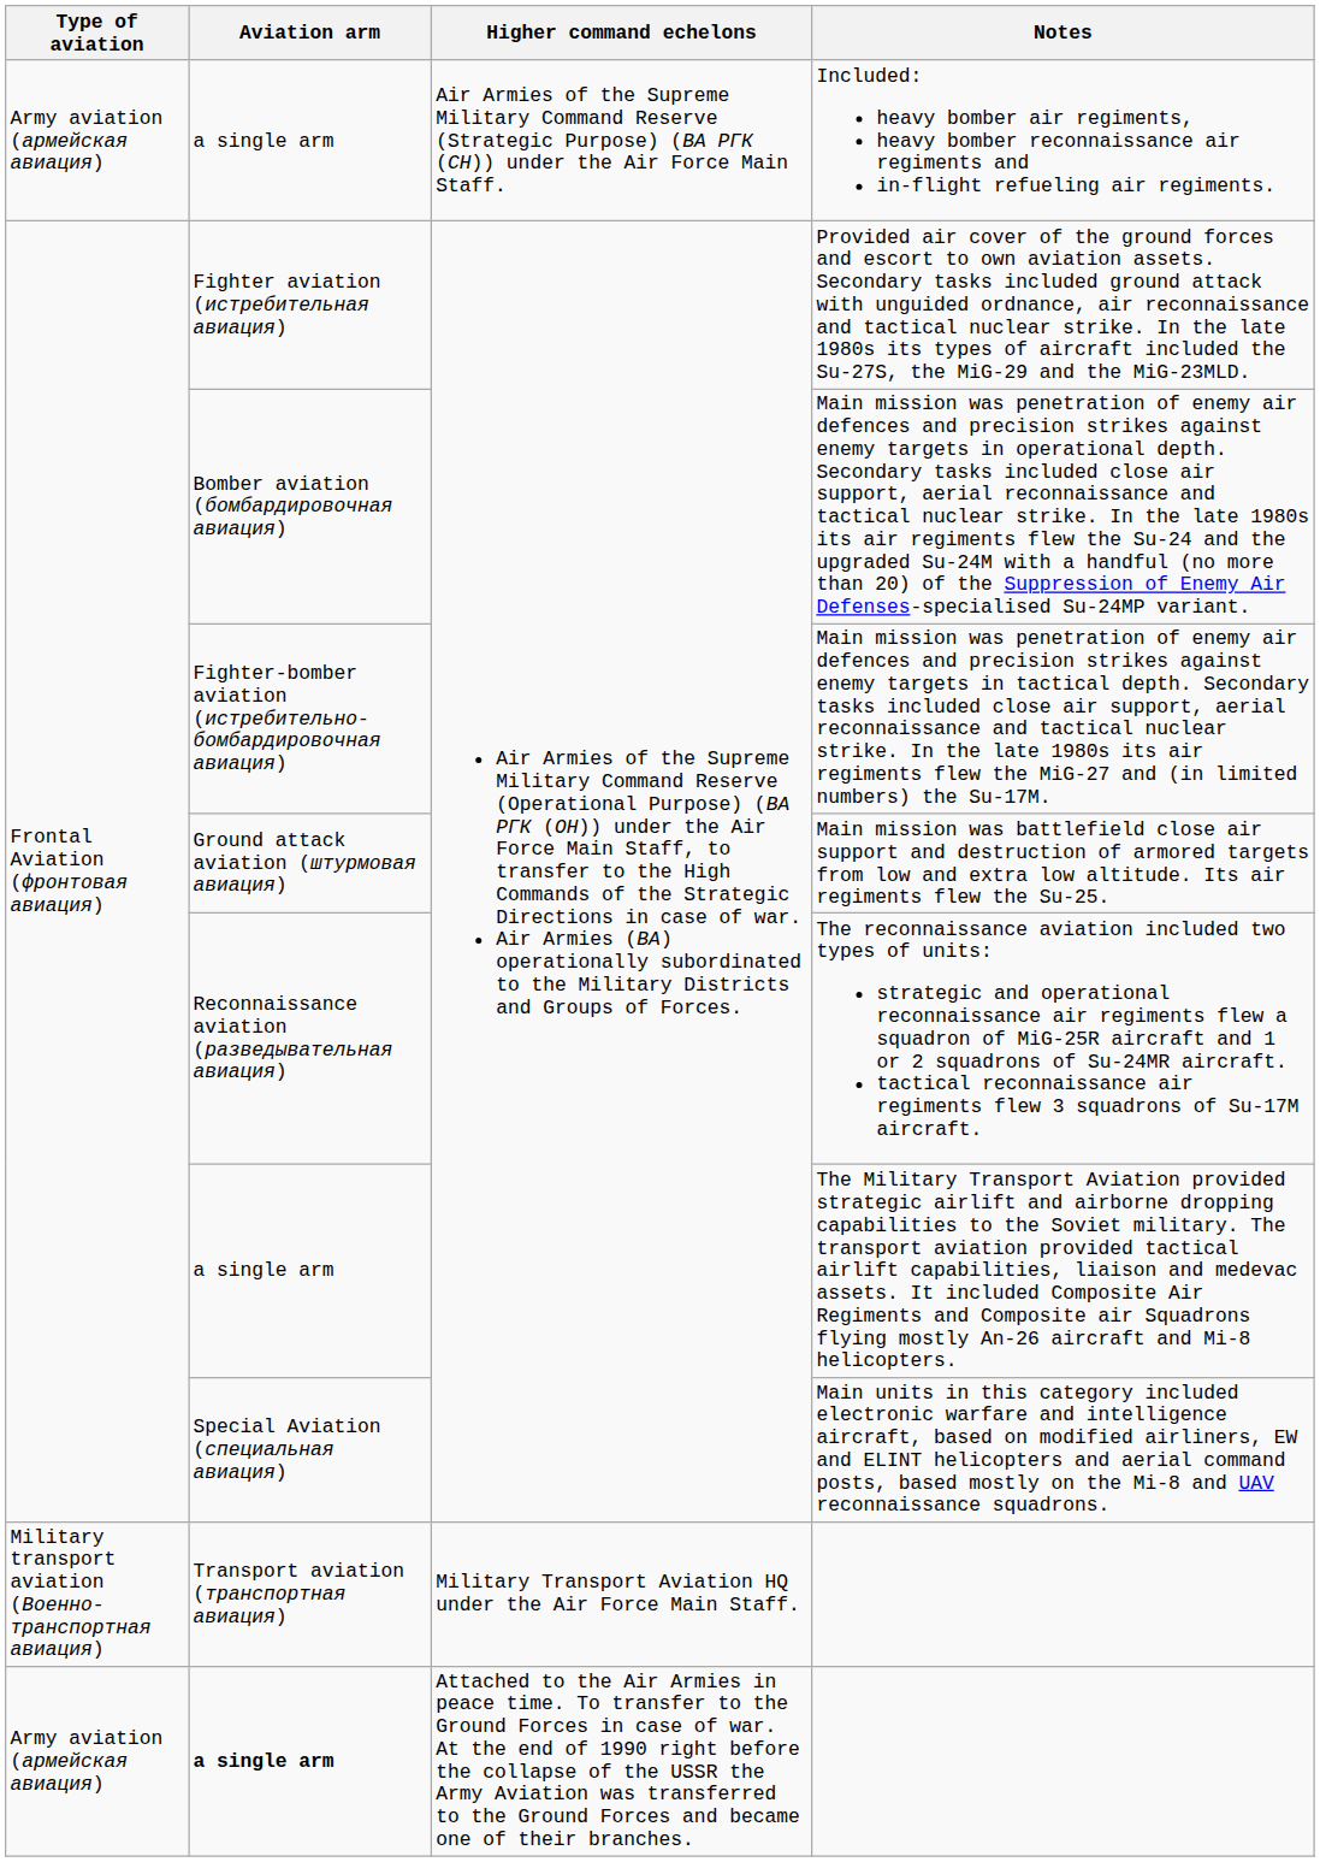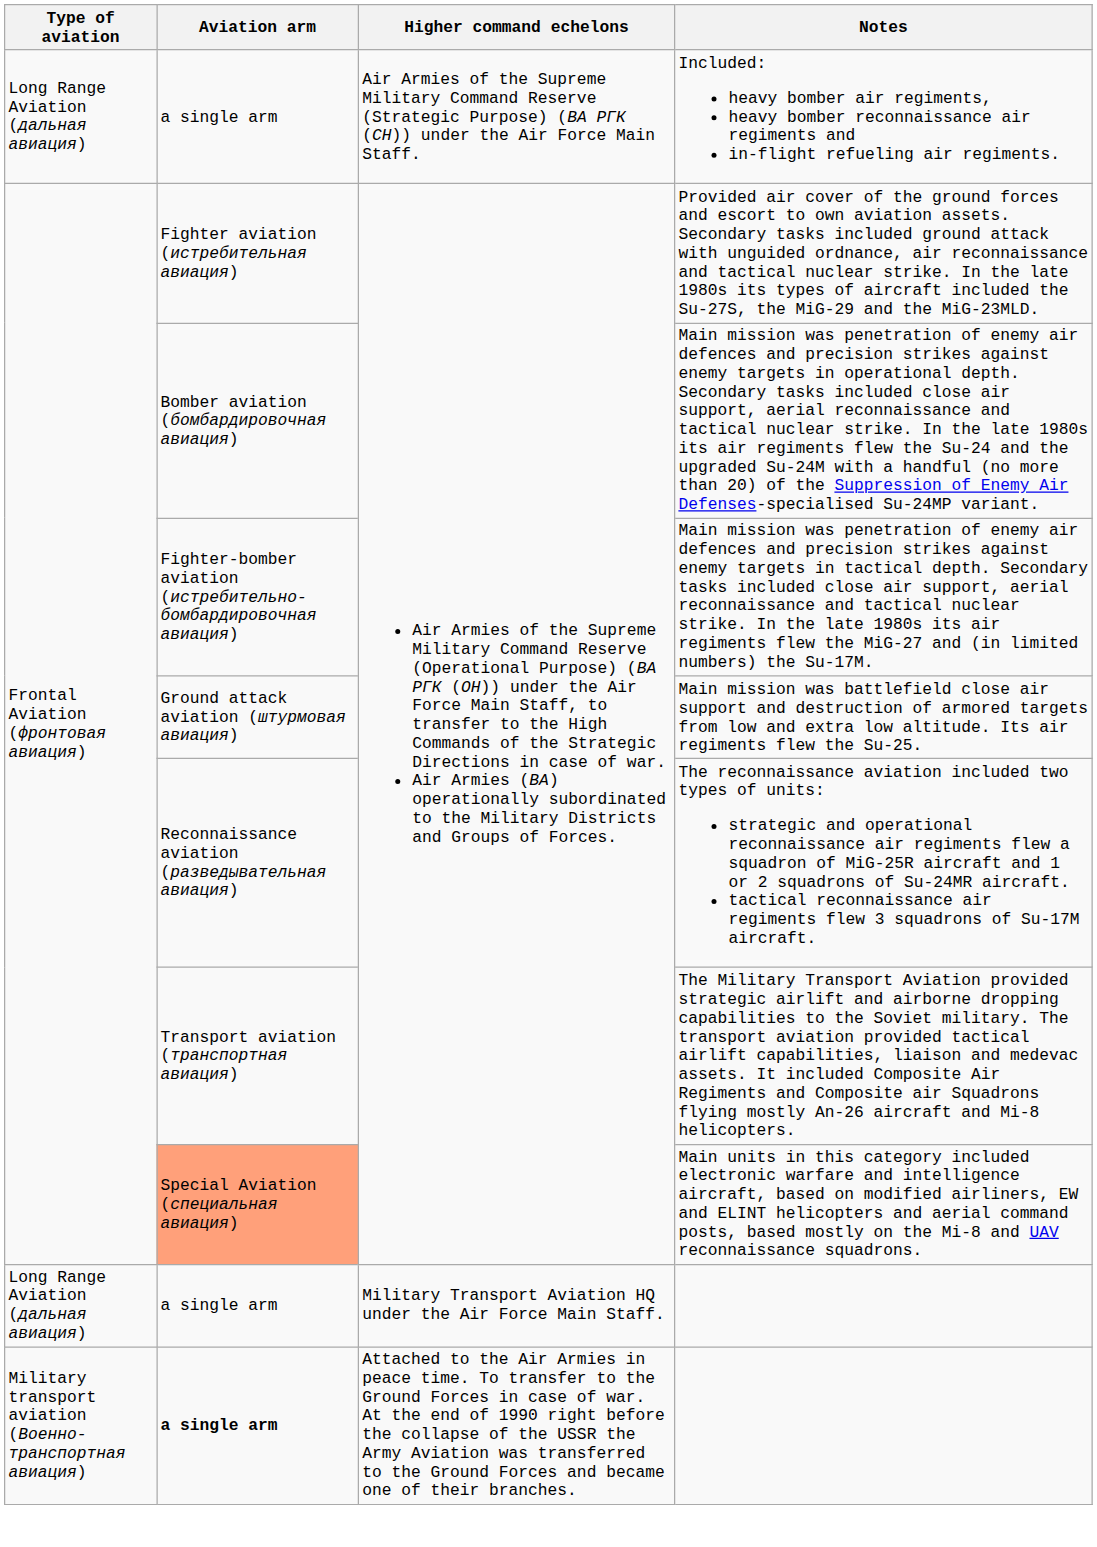 <table class="wikitable">
 <tr>
 <th>Type of aviation</th>
 <th>Aviation arm</th>
 <th>Higher command echelons</th>
 <th>Notes</th>
 </tr>
 <tr>
-<td>Army aviation (<em>армейская авиация</em>)</td>
+<td>Long Range Aviation (<em>дальная авиация</em>)</td>
 <td>a single arm</td>
 <td>Air Armies of the Supreme Military Command Reserve (Strategic Purpose) (<em>ВА РГК</em> (<em>СН</em>)) under the Air Force Main Staff.</td>
 <td>Included:<br><ul><li>heavy bomber air regiments,</li><li>heavy bomber reconnaissance air regiments and</li><li>in-flight refueling air regiments.</li></ul></td>
 </tr>
 <tr>
 <td rowspan="7">Frontal Aviation (<em>фронтовая авиация</em>)</td>
 <td>Fighter aviation (<em>истребительная авиация</em>)</td>
 <td rowspan="7"><br><ul><li>Air Armies of the Supreme Military Command Reserve (Operational Purpose) (<em>ВА РГК</em> (<em>ОН</em>)) under the Air Force Main Staff, to transfer to the High Commands of the Strategic Directions in case of war.</li><li>Air Armies (<em>ВА</em>) operationally subordinated to the Military Districts and Groups of Forces.</li></ul></td>
 <td>Provided air cover of the ground forces and escort to own aviation assets. Secondary tasks included ground attack with unguided ordnance, air reconnaissance and tactical nuclear strike. In the late 1980s its types of aircraft included the Su-27S, the MiG-29 and the MiG-23MLD.</td>
 </tr>
 <tr>
 <td>Bomber aviation (<em>бомбардировочная авиация</em>)</td>
 <td>Main mission was penetration of enemy air defences and precision strikes against enemy targets in operational depth. Secondary tasks included close air support, aerial reconnaissance and tactical nuclear strike. In the late 1980s its air regiments flew the Su-24 and the upgraded Su-24M with a handful (no more than 20) of the <a href='#'>Suppression of Enemy Air Defenses</a>-specialised Su-24MP variant.</td>
 </tr>
 <tr>
 <td>Fighter-bomber aviation (<em>истребительно-бомбардировочная авиация</em>)</td>
 <td>Main mission was penetration of enemy air defences and precision strikes against enemy targets in tactical depth. Secondary tasks included close air support, aerial reconnaissance and tactical nuclear strike. In the late 1980s its air regiments flew the MiG-27 and (in limited numbers) the Su-17M.</td>
 </tr>
 <tr>
 <td>Ground attack aviation (<em>штурмовая авиация</em>)</td>
 <td>Main mission was battlefield close air support and destruction of armored targets from low and extra low altitude. Its air regiments flew the Su-25.</td>
 </tr>
 <tr>
 <td>Reconnaissance aviation (<em>разведывательная авиация</em>)</td>
 <td>The reconnaissance aviation included two types of units:<br><ul><li>strategic and operational reconnaissance air regiments flew a squadron of MiG-25R aircraft and 1 or 2 squadrons of Su-24MR aircraft.</li><li>tactical reconnaissance air regiments flew 3 squadrons of Su-17M aircraft.</li></ul></td>
 </tr>
 <tr>
-<td>a single arm</td>
+<td>Transport aviation (<em>транспортная авиация</em>)</td>
 <td>The Military Transport Aviation provided strategic airlift and airborne dropping capabilities to the Soviet military. The transport aviation provided tactical airlift capabilities, liaison and medevac assets. It included Composite Air Regiments and Composite air Squadrons flying mostly An-26 aircraft and Mi-8 helicopters.</td>
 </tr>
 <tr>
-<td>Special Aviation (<em>специальная авиация</em>)</td>
+<td style="background: lightsalmon;">Special Aviation (<em>специальная авиация</em>)</td>
 <td>Main units in this category included electronic warfare and intelligence aircraft, based on modified airliners, EW and ELINT helicopters and aerial command posts, based mostly on the Mi-8 and <a href='#'>UAV</a> reconnaissance squadrons.</td>
 </tr>
 <tr>
-<td>Military transport aviation (<em>Военно-транспортная авиация</em>)</td>
-<td>Transport aviation (<em>транспортная авиация</em>)</td>
+<td>Long Range Aviation (<em>дальная авиация</em>)</td>
+<td>a single arm</td>
 <td>Military Transport Aviation HQ under the Air Force Main Staff.</td>
 <td></td>
 </tr>
 <tr>
-<td>Army aviation (<em>армейская авиация</em>)</td>
+<td>Military transport aviation (<em>Военно-транспортная авиация</em>)</td>
 <td><strong>a single arm</strong></td>
 <td>Attached to the Air Armies in peace time. To transfer to the Ground Forces in case of war. At the end of 1990 right before the collapse of the USSR the Army Aviation was transferred to the Ground Forces and became one of their branches.</td>
 <td></td>
 </tr>
 </table>
